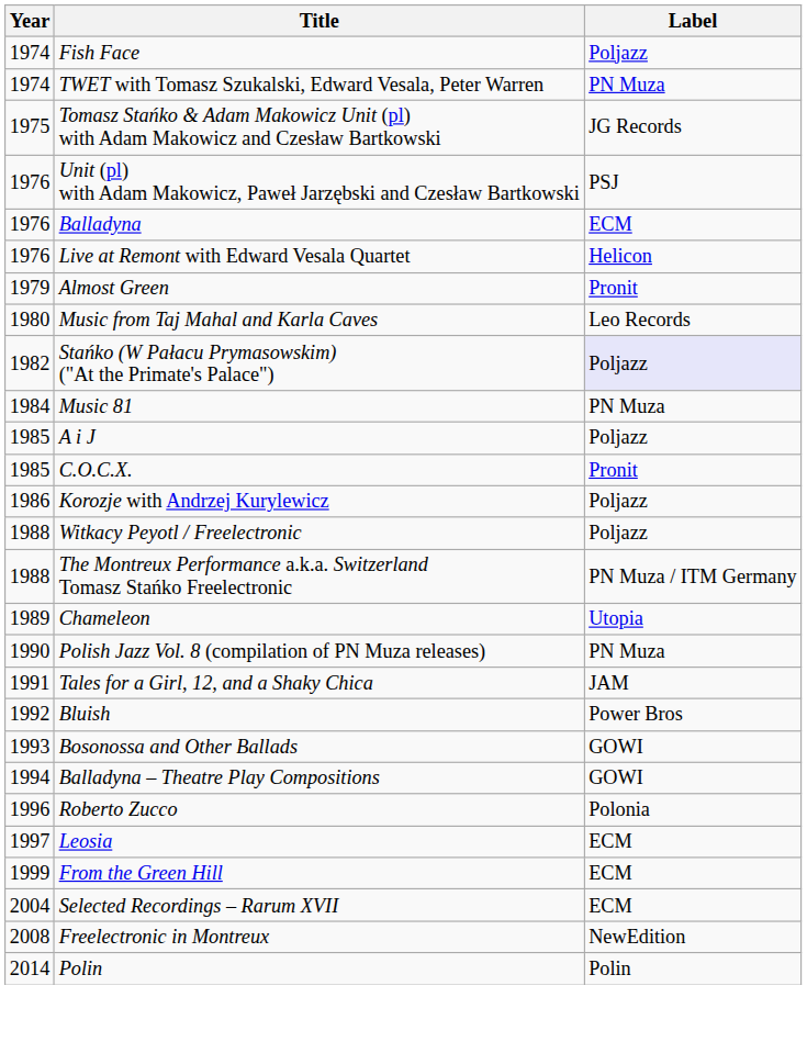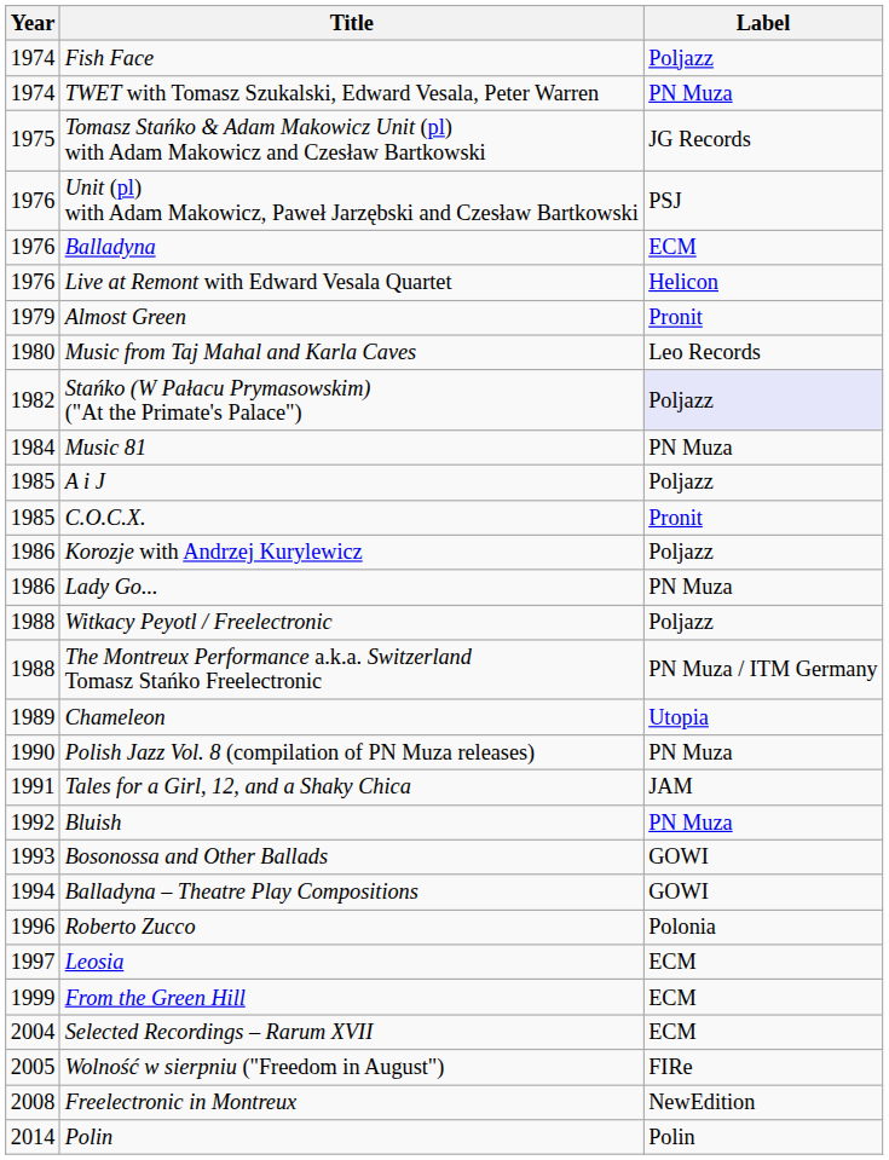 <table class="wikitable sortable" style="text-align:left;">
 <tr>
 <th style="text-align:center;">Year</th>
 <th style="text-align:center;">Title</th>
 <th style="text-align:center;">Label</th>
 </tr>
 <tr>
 <td style="text-align:center;">1974</td>
 <td><em>Fish Face</em></td>
 <td><a href='#'>Poljazz</a></td>
 </tr>
 <tr>
 <td style="text-align:center;">1974</td>
 <td><em>TWET</em> with Tomasz Szukalski, Edward Vesala, Peter Warren</td>
 <td><a href='#'>PN Muza</a></td>
 </tr>
 <tr>
 <td style="text-align:center;">1975</td>
 <td><em>Tomasz Stańko & Adam Makowicz Unit</em> (<a href='#'>pl</a>)<br>with Adam Makowicz and Czesław Bartkowski</td>
 <td>JG Records</td>
 </tr>
 <tr>
 <td style="text-align:center;">1976</td>
 <td><em>Unit</em> (<a href='#'>pl</a>)<br>with Adam Makowicz, Paweł Jarzębski and Czesław Bartkowski</td>
 <td>PSJ</td>
 </tr>
 <tr>
 <td style="text-align:center;">1976</td>
 <td><em><a href='#'>Balladyna</a></em></td>
 <td><a href='#'>ECM</a></td>
 </tr>
 <tr>
 <td style="text-align:center;">1976</td>
 <td><em>Live at Remont</em> with Edward Vesala Quartet</td>
 <td><a href='#'>Helicon</a></td>
 </tr>
 <tr>
 <td style="text-align:center;">1979</td>
 <td><em>Almost Green</em></td>
 <td><a href='#'>Pronit</a></td>
 </tr>
 <tr>
 <td style="text-align:center;">1980</td>
 <td><em>Music from Taj Mahal and Karla Caves</em></td>
 <td>Leo Records</td>
 </tr>
 <tr>
 <td style="text-align:center;">1982</td>
 <td><em>Stańko (W Pałacu Prymasowskim)</em><br>("At the Primate's Palace")</td>
 <td style="background: lavender;">Poljazz</td>
 </tr>
 <tr>
 <td style="text-align:center;">1984</td>
 <td><em>Music 81</em></td>
 <td>PN Muza</td>
 </tr>
 <tr>
 <td style="text-align:center;">1985</td>
 <td><em>A i J</em></td>
 <td>Poljazz</td>
 </tr>
 <tr>
 <td style="text-align:center;">1985</td>
 <td><em>C.O.C.X.</em></td>
 <td><a href='#'>Pronit</a></td>
 </tr>
 <tr>
 <td style="text-align:center;">1986</td>
 <td><em>Korozje</em> with <a href='#'>Andrzej Kurylewicz</a></td>
 <td>Poljazz</td>
 </tr>
 <tr>
+<td style="text-align:center;">1986</td>
+<td><em>Lady Go...</em></td>
+<td>PN Muza</td>
+</tr>
+<tr>
 <td style="text-align:center;">1988</td>
 <td><em>Witkacy Peyotl / Freelectronic</em></td>
 <td>Poljazz</td>
 </tr>
 <tr>
 <td style="text-align:center;">1988</td>
 <td><em>The Montreux Performance</em> a.k.a. <em>Switzerland</em><br>Tomasz Stańko Freelectronic</td>
 <td>PN Muza / ITM Germany</td>
 </tr>
 <tr>
 <td style="text-align:center;">1989</td>
 <td><em>Chameleon</em></td>
 <td><a href='#'>Utopia</a></td>
 </tr>
 <tr>
 <td style="text-align:center;">1990</td>
 <td><em>Polish Jazz Vol. 8</em> (compilation of PN Muza releases)</td>
 <td>PN Muza</td>
 </tr>
 <tr>
 <td style="text-align:center;">1991</td>
 <td><em>Tales for a Girl, 12, and a Shaky Chica</em></td>
 <td>JAM</td>
 </tr>
 <tr>
 <td style="text-align:center;">1992</td>
 <td><em>Bluish</em></td>
-<td>Power Bros</td>
+<td><a href='#'>PN Muza</a></td>
 </tr>
 <tr>
 <td style="text-align:center;">1993</td>
 <td><em>Bosonossa and Other Ballads</em></td>
 <td>GOWI</td>
 </tr>
 <tr>
 <td style="text-align:center;">1994</td>
 <td><em>Balladyna – Theatre Play Compositions</em></td>
 <td>GOWI</td>
 </tr>
 <tr>
 <td style="text-align:center;">1996</td>
 <td><em>Roberto Zucco</em></td>
 <td>Polonia</td>
 </tr>
 <tr>
 <td style="text-align:center;">1997</td>
 <td><em><a href='#'>Leosia</a></em></td>
 <td>ECM</td>
 </tr>
 <tr>
 <td style="text-align:center;">1999</td>
 <td><em><a href='#'>From the Green Hill</a></em></td>
 <td>ECM</td>
 </tr>
 <tr>
 <td style="text-align:center;">2004</td>
 <td><em>Selected Recordings – Rarum XVII</em></td>
 <td>ECM</td>
 </tr>
 <tr>
+<td style="text-align:center;">2005</td>
+<td><em>Wolność w sierpniu</em> ("Freedom in August")</td>
+<td>FIRe</td>
+</tr>
+<tr>
 <td style="text-align:center;">2008</td>
 <td><em>Freelectronic in Montreux</em></td>
 <td>NewEdition</td>
 </tr>
 <tr>
 <td style="text-align:center;">2014</td>
 <td><em>Polin</em></td>
 <td>Polin</td>
 </tr>
 </table>
